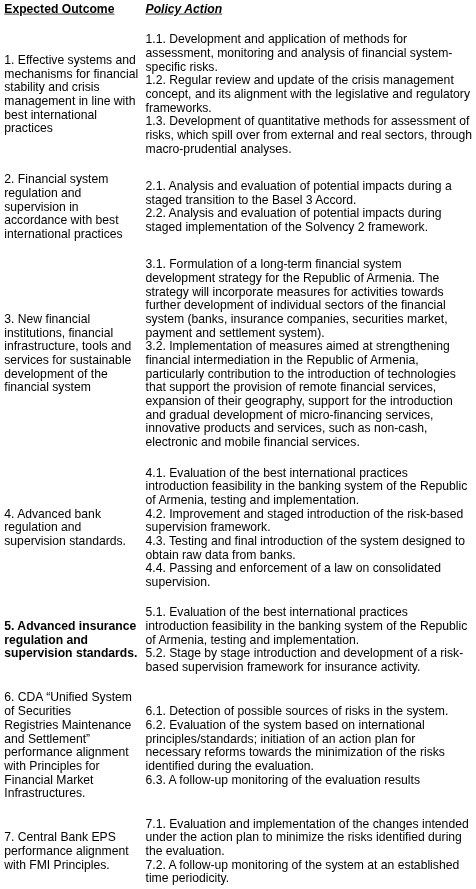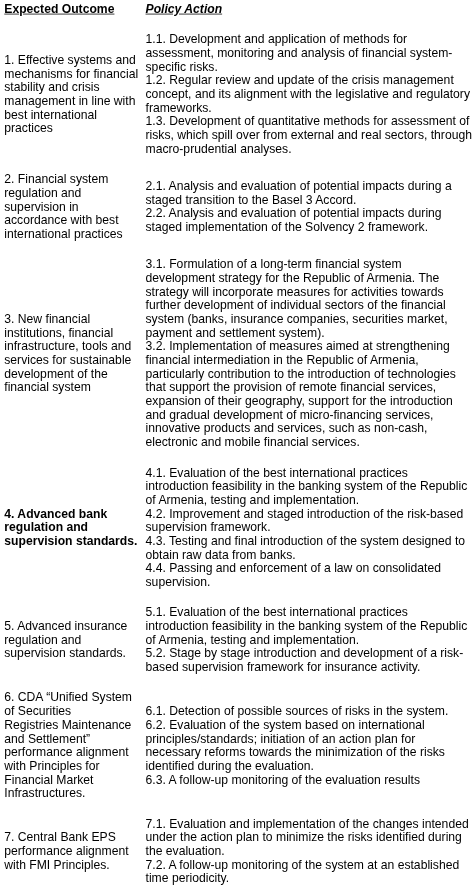 <table class="MsoNormalTable">
 <tr>
 <td><strong><u>Expected Outcome</u></strong></td>
 <td><strong><em><u>Policy Action</u></em></strong></td>
 </tr>
 <tr>
 <td><br>1. Effective systems and mechanisms for financial stability and crisis management in line with best international practices</td>
 <td colspan="2"><br>1.1. Development and application of methods for assessment, monitoring and analysis of financial system-specific risks.<br>1.2. Regular review and update of the crisis management concept, and its alignment with the legislative and regulatory frameworks.<br>1.3. Development of quantitative methods for assessment of risks, which spill over from external and real sectors, through macro-prudential analyses.</td>
 </tr>
 <tr>
 <td><br>2. Financial system regulation and supervision in accordance with best international practices</td>
 <td colspan="2"><br>2.1. Analysis and evaluation of potential impacts during a staged transition to the Basel 3  Accord.<br>2.2. Analysis and evaluation of potential impacts during staged implementation of the  Solvency 2 framework.</td>
 </tr>
 <tr>
 <td><br>3. New financial institutions, financial infrastructure, tools and services for sustainable development of the financial system</td>
 <td colspan="2"><br>3.1. Formulation of a long-term financial system development strategy for the Republic of Armenia. The strategy will incorporate measures for activities towards further development of individual sectors of the financial system (banks, insurance companies, securities market, payment and settlement system).<br>3.2.  Implementation of measures aimed at strengthening financial intermediation in the Republic of Armenia, particularly contribution to the introduction of technologies that support the provision of remote financial services, expansion of their geography, support for the introduction and gradual development of micro-financing services, innovative products and services,  such as non-cash, electronic and mobile financial services.</td>
 </tr>
 <tr>
-<td><br>4. Advanced bank regulation and supervision standards.</td>
+<td><strong><br>4. Advanced bank regulation and supervision standards.</strong></td>
 <td colspan="2"><br>4.1. Evaluation of the best international practices introduction feasibility in the banking system of the Republic of Armenia, testing and implementation.<br>4.2.  Improvement and staged introduction of the risk-based supervision framework.<br>4.3.  Testing and final introduction of the system designed to obtain raw data from banks.<br>4.4.  Passing and enforcement of a law on consolidated supervision.</td>
 </tr>
 <tr>
-<td><strong><br>5. Advanced insurance regulation and supervision standards.</strong></td>
+<td><br>5. Advanced insurance regulation and supervision standards.</td>
 <td colspan="2"><br>5.1. Evaluation of the best international practices introduction feasibility in the banking system of the Republic of Armenia, testing and implementation.<br>5.2. Stage by stage introduction and development of a risk-based supervision framework for insurance activity.</td>
 </tr>
 <tr>
 <td><br>6. CDA “Unified System of  Securities<br>Registries Maintenance and Settlement” performance alignment with  Principles for<br>Financial Market Infrastructures.</td>
 <td colspan="2"><br>6.1. Detection of possible sources of risks in the system.<br>6.2. Evaluation of the system based on international principles/standards; initiation of an action plan for necessary reforms towards the minimization of the risks identified during the evaluation.<br>6.3. A follow-up monitoring of the evaluation results</td>
 </tr>
 <tr>
 <td><br>7. Central Bank EPS performance alignment with FMI Principles.</td>
 <td colspan="2"><br>7.1. Evaluation and implementation of the changes intended under the action plan to minimize the risks identified during the evaluation.<br>7.2. A follow-up monitoring of the system at an established time periodicity.</td>
 </tr>
 </table>
